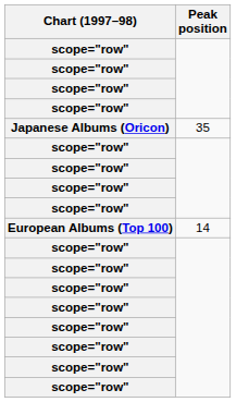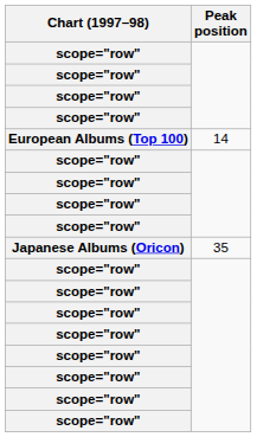 <table class="wikitable plainrowheaders sortable" style="text-align:center;">
 <tr>
 <th>Chart (1997–98)</th>
 <th>Peak<br>position</th>
+</tr>
+<tr>
+<th>scope="row" </th>
+</tr>
+<tr>
+<th>scope="row" </th>
+</tr>
+<tr>
+<th>scope="row" </th>
+</tr>
+<tr>
+<th>scope="row" </th>
+</tr>
+<tr>
+<th scope="row">European Albums (<a href='#'>Top 100</a>)</th>
+<td>14</td>
 </tr>
 <tr>
 <th>scope="row" </th>
 </tr>
 <tr>
 <th>scope="row" </th>
 </tr>
 <tr>
 <th>scope="row" </th>
 </tr>
 <tr>
 <th>scope="row" </th>
 </tr>
 <tr>
 <th scope="row">Japanese Albums (<a href='#'>Oricon</a>)</th>
 <td>35</td>
 </tr>
 <tr>
 <th>scope="row" </th>
 </tr>
 <tr>
 <th>scope="row" </th>
 </tr>
 <tr>
 <th>scope="row" </th>
 </tr>
 <tr>
 <th>scope="row" </th>
 </tr>
 <tr>
-<th scope="row">European Albums (<a href='#'>Top 100</a>)</th>
-<td>14</td>
-</tr>
-<tr>
-<th>scope="row" </th>
-</tr>
-<tr>
-<th>scope="row" </th>
-</tr>
-<tr>
-<th>scope="row" </th>
-</tr>
-<tr>
-<th>scope="row" </th>
-</tr>
-<tr>
 <th>scope="row" </th>
 </tr>
 <tr>
 <th>scope="row" </th>
 </tr>
 <tr>
 <th>scope="row" </th>
 </tr>
 <tr>
 <th>scope="row" </th>
 </tr>
 </table>
